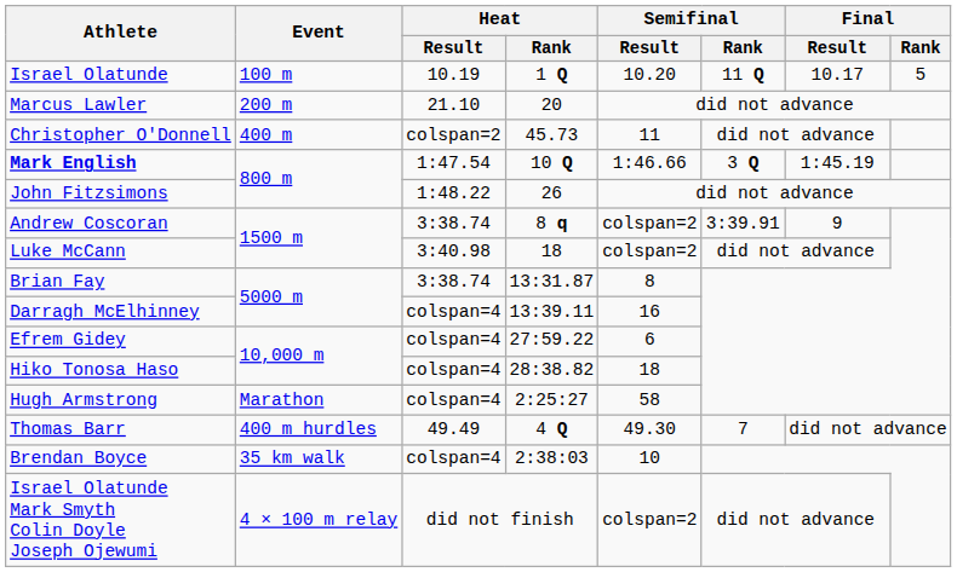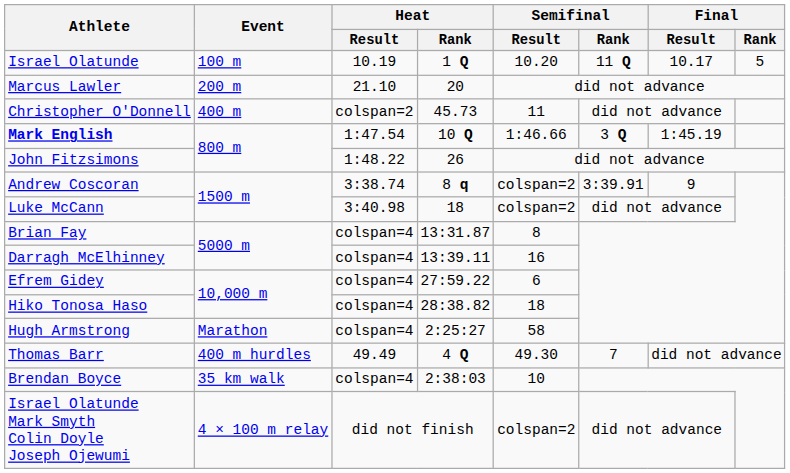 <table class="wikitable" style="font-size:90%">
 <tr>
 <th rowspan="2">Athlete</th>
 <th rowspan="2">Event</th>
 <th colspan="2">Heat</th>
 <th colspan="2">Semifinal</th>
 <th colspan="2">Final</th>
 </tr>
 <tr style="font-size:95%">
 <th>Result</th>
 <th>Rank</th>
 <th>Result</th>
 <th>Rank</th>
 <th>Result</th>
 <th>Rank</th>
 </tr>
 <tr align=center>
 <td align=left><a href='#'>Israel Olatunde</a></td>
 <td align=left><a href='#'>100 m</a></td>
 <td>10.19 <strong></strong></td>
 <td>1 <strong>Q</strong></td>
 <td>10.20</td>
 <td>11 <strong>Q</strong></td>
 <td>10.17 <strong></strong></td>
 <td>5</td>
 </tr>
 <tr align=center>
 <td align=left><a href='#'>Marcus Lawler</a></td>
 <td align=left><a href='#'>200 m</a></td>
 <td>21.10</td>
 <td>20</td>
 <td colspan=4>did not advance</td>
 </tr>
 <tr align=center>
 <td align=left><a href='#'>Christopher O'Donnell</a></td>
 <td align=left><a href='#'>400 m</a></td>
 <td>colspan=2 </td>
 <td>45.73</td>
 <td>11</td>
 <td colspan=2>did not advance</td>
 </tr>
 <tr align=center>
 <td align=left><strong><a href='#'>Mark English</a></strong></td>
 <td align=left rowspan=2><a href='#'>800 m</a></td>
 <td>1:47.54</td>
 <td>10 <strong>Q</strong></td>
 <td>1:46.66</td>
 <td>3 <strong>Q</strong></td>
 <td>1:45.19</td>
 <td></td>
 </tr>
 <tr align=center>
 <td align=left><a href='#'>John Fitzsimons</a></td>
 <td>1:48.22</td>
 <td>26</td>
 <td colspan=4>did not advance</td>
 </tr>
 <tr align=center>
 <td align=left><a href='#'>Andrew Coscoran</a></td>
 <td align=left rowspan=2><a href='#'>1500 m</a></td>
 <td>3:38.74</td>
 <td>8 <strong>q</strong></td>
 <td>colspan=2 </td>
 <td>3:39.91</td>
 <td>9</td>
 </tr>
 <tr align=center>
 <td align=left><a href='#'>Luke McCann</a></td>
 <td>3:40.98</td>
 <td>18</td>
 <td>colspan=2 </td>
 <td colspan=2>did not advance</td>
 </tr>
 <tr align=center>
 <td align=left><a href='#'>Brian Fay</a></td>
 <td align=left rowspan=2><a href='#'>5000 m</a></td>
-<td>3:38.74</td>
+<td>colspan=4 </td>
 <td>13:31.87</td>
 <td>8</td>
 </tr>
 <tr align=center>
 <td align=left><a href='#'>Darragh McElhinney</a></td>
 <td>colspan=4 </td>
 <td>13:39.11</td>
 <td>16</td>
 </tr>
 <tr align=center>
 <td align=left><a href='#'>Efrem Gidey</a></td>
 <td align=left rowspan=2><a href='#'>10,000 m</a></td>
 <td>colspan=4 </td>
 <td>27:59.22 <strong></strong></td>
 <td>6</td>
 </tr>
 <tr align=center>
 <td align=left><a href='#'>Hiko Tonosa Haso</a></td>
 <td>colspan=4 </td>
 <td>28:38.82</td>
 <td>18</td>
 </tr>
 <tr align=center>
 <td align=left><a href='#'>Hugh Armstrong</a></td>
 <td align=left><a href='#'>Marathon</a></td>
 <td>colspan=4 </td>
 <td>2:25:27</td>
 <td>58</td>
 </tr>
 <tr align=center>
 <td align=left><a href='#'>Thomas Barr</a></td>
 <td align=left><a href='#'>400 m hurdles</a></td>
 <td>49.49</td>
 <td>4 <strong>Q</strong></td>
 <td>49.30</td>
 <td>7</td>
 <td colspan=2>did not advance</td>
 </tr>
 <tr align=center>
 <td align=left><a href='#'>Brendan Boyce</a></td>
 <td align=left><a href='#'>35 km walk</a></td>
 <td>colspan=4 </td>
 <td>2:38:03</td>
 <td>10</td>
 </tr>
 <tr align=center>
 <td align=left><a href='#'>Israel Olatunde</a> <br> <a href='#'>Mark Smyth</a><br> <a href='#'>Colin Doyle</a><br> <a href='#'>Joseph Ojewumi</a></td>
 <td align=left><a href='#'>4 × 100 m relay</a></td>
 <td colspan=2>did not finish</td>
 <td>colspan=2 </td>
 <td colspan=2>did not advance</td>
 </tr>
 </table>
